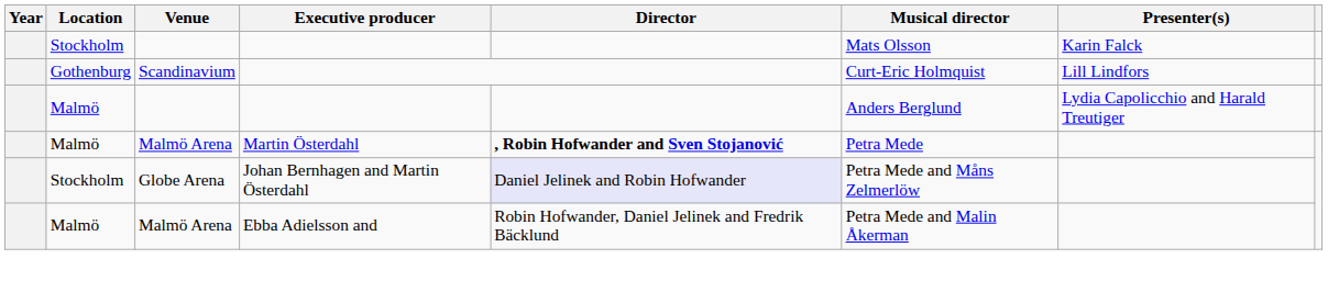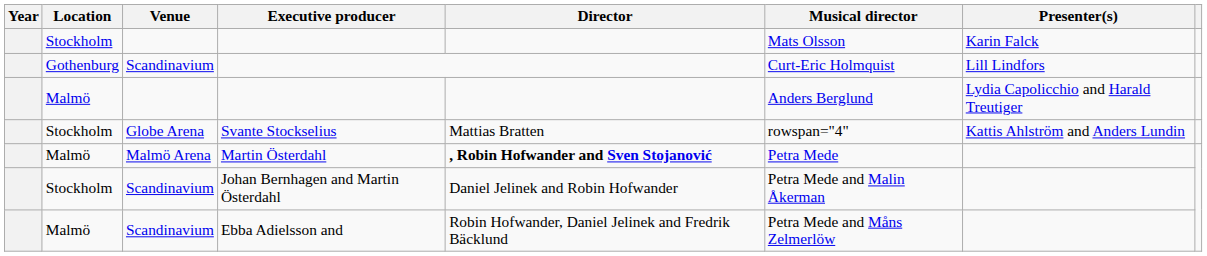 <table class="wikitable plainrowheaders">
 <tr>
 <th scope="col">Year</th>
 <th scope="col">Location</th>
 <th scope="col">Venue</th>
 <th scope="col">Executive producer</th>
 <th scope="col">Director</th>
 <th scope="col">Musical director</th>
 <th scope="col">Presenter(s)</th>
 <th scope="col"></th>
 </tr>
 <tr>
 <th scope="row"></th>
 <td><a href='#'>Stockholm</a></td>
 <td></td>
 <td></td>
 <td></td>
 <td><a href='#'>Mats Olsson</a></td>
 <td><a href='#'>Karin Falck</a></td>
 <td></td>
 </tr>
 <tr>
 <th scope="row"></th>
 <td><a href='#'>Gothenburg</a></td>
 <td><a href='#'>Scandinavium</a></td>
 <td colspan="2"></td>
 <td><a href='#'>Curt-Eric Holmquist</a></td>
 <td><a href='#'>Lill Lindfors</a></td>
 <td></td>
 </tr>
 <tr>
 <th scope="row"></th>
 <td><a href='#'>Malmö</a></td>
 <td></td>
 <td></td>
 <td></td>
 <td><a href='#'>Anders Berglund</a></td>
 <td><a href='#'>Lydia Capolicchio</a> and <a href='#'>Harald Treutiger</a></td>
 <td></td>
 </tr>
 <tr>
 <th scope="row"></th>
+<td>Stockholm</td>
+<td><a href='#'>Globe Arena</a></td>
+<td><a href='#'>Svante Stockselius</a></td>
+<td>Mattias Bratten</td>
+<td>rowspan="4" </td>
+<td><a href='#'>Kattis Ahlström</a> and <a href='#'>Anders Lundin</a></td>
+<td></td>
+</tr>
+<tr>
+<th scope="row"></th>
 <td>Malmö</td>
 <td><a href='#'>Malmö Arena</a></td>
 <td><a href='#'>Martin Österdahl</a></td>
 <td><strong>, Robin Hofwander and <a href='#'>Sven Stojanović</a></strong></td>
 <td><a href='#'>Petra Mede</a></td>
 <td></td>
 </tr>
 <tr>
 <th scope="row"></th>
 <td>Stockholm</td>
-<td>Globe Arena</td>
+<td><a href='#'>Scandinavium</a></td>
 <td>Johan Bernhagen and Martin Österdahl</td>
-<td style="background: lavender;">Daniel Jelinek and Robin Hofwander</td>
-<td>Petra Mede and <a href='#'>Måns Zelmerlöw</a></td>
+<td>Daniel Jelinek and Robin Hofwander</td>
+<td>Petra Mede and <a href='#'>Malin Åkerman</a></td>
 <td></td>
 </tr>
 <tr>
 <th scope="row"></th>
 <td>Malmö</td>
-<td>Malmö Arena</td>
+<td><a href='#'>Scandinavium</a></td>
 <td>Ebba Adielsson and </td>
 <td>Robin Hofwander, Daniel Jelinek and Fredrik Bäcklund</td>
-<td>Petra Mede and <a href='#'>Malin Åkerman</a></td>
+<td>Petra Mede and <a href='#'>Måns Zelmerlöw</a></td>
 <td></td>
 </tr>
 </table>
